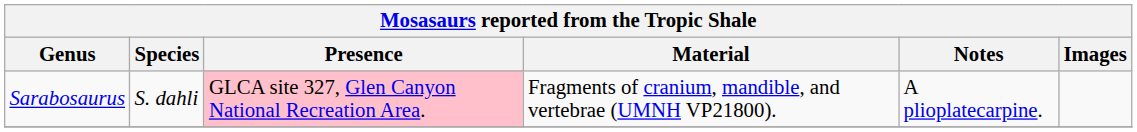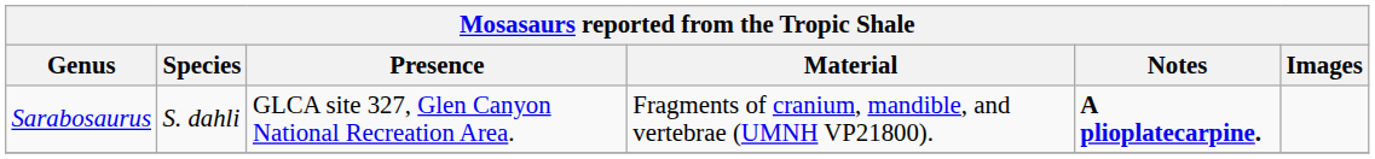 <table class="wikitable" align="center">
 <tr>
 <th colspan="6" align="center"><strong><a href='#'>Mosasaurs</a> reported from the Tropic Shale</strong></th>
 </tr>
 <tr>
 <th>Genus</th>
 <th>Species</th>
 <th>Presence</th>
 <th><strong>Material</strong></th>
 <th>Notes</th>
 <th>Images</th>
 </tr>
 <tr>
 <td><em><a href='#'>Sarabosaurus</a></em></td>
 <td><em>S. dahli</em></td>
-<td style="background: pink;">GLCA site 327, <a href='#'>Glen Canyon National Recreation Area</a>.</td>
+<td>GLCA site 327, <a href='#'>Glen Canyon National Recreation Area</a>.</td>
 <td>Fragments of <a href='#'>cranium</a>, <a href='#'>mandible</a>, and vertebrae (<a href='#'>UMNH</a> VP21800).</td>
-<td>A <a href='#'>plioplatecarpine</a>.</td>
+<td><strong>A <a href='#'>plioplatecarpine</a>.</strong></td>
 <td></td>
 </tr>
 <tr>
 </tr>
 </table>
